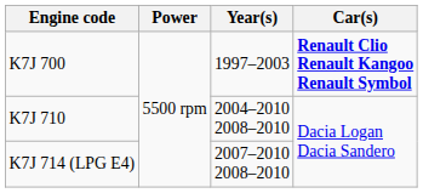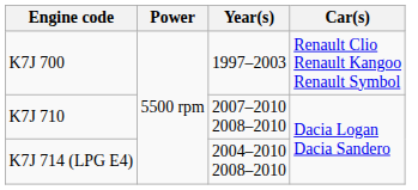 <table class="wikitable">
 <tr>
 <th>Engine code</th>
 <th>Power</th>
 <th>Year(s)</th>
 <th>Car(s)</th>
 </tr>
 <tr>
 <td>K7J 700</td>
 <td rowspan=3> 5500 rpm</td>
 <td>1997–2003</td>
-<td><strong><a href='#'>Renault Clio</a><br><a href='#'>Renault Kangoo</a><br><a href='#'>Renault Symbol</a></strong></td>
+<td><a href='#'>Renault Clio</a><br><a href='#'>Renault Kangoo</a><br><a href='#'>Renault Symbol</a></td>
 </tr>
 <tr>
 <td>K7J 710</td>
-<td>2004–2010<br>2008–2010</td>
+<td>2007–2010<br>2008–2010</td>
 <td rowspan=2><a href='#'>Dacia Logan</a> <br> <a href='#'>Dacia Sandero</a></td>
 </tr>
 <tr>
 <td>K7J 714 (LPG E4)</td>
-<td>2007–2010<br>2008–2010</td>
+<td>2004–2010<br>2008–2010</td>
 </tr>
 </table>
